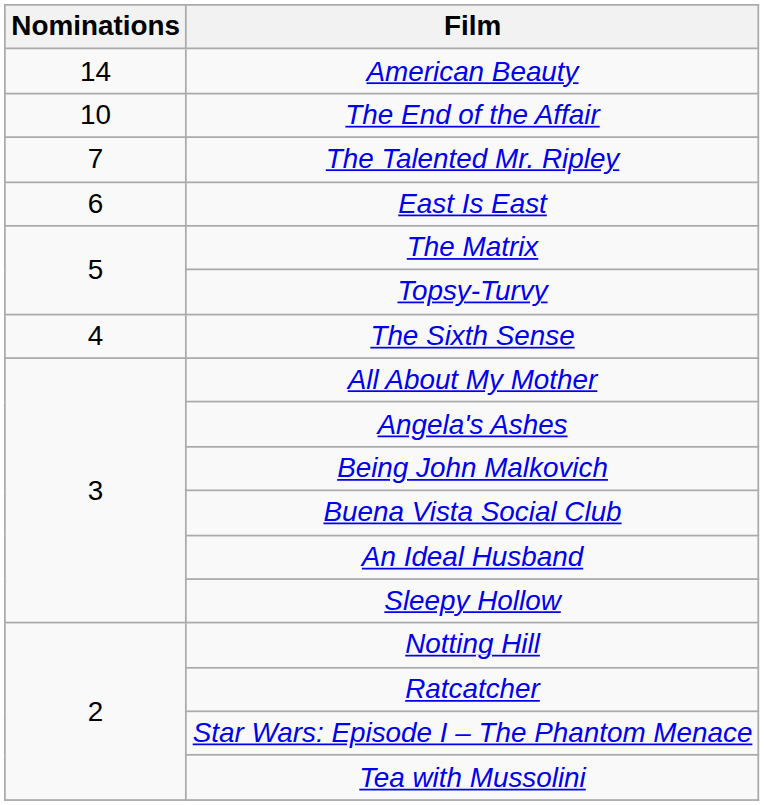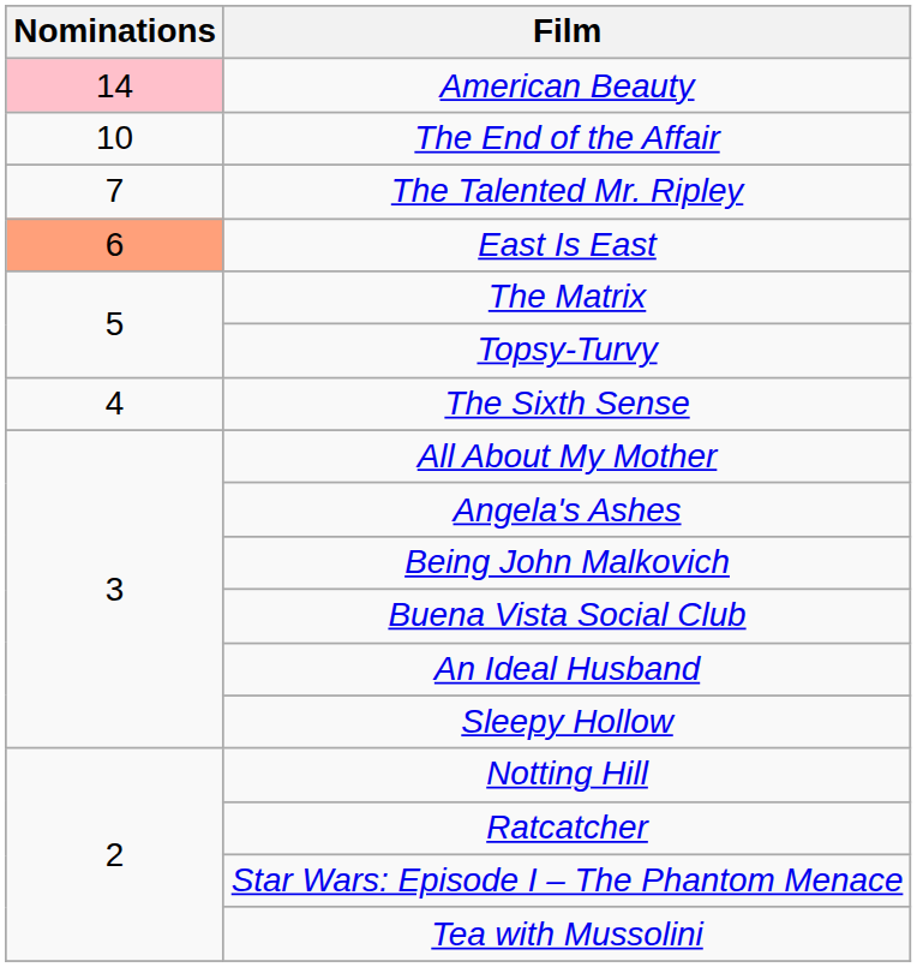 <table class="wikitable" style="text-align:center;">
 <tr>
 <th style="background:">Nominations</th>
 <th style="background:">Film</th>
 </tr>
 <tr>
-<td>14</td>
+<td style="background: pink;">14</td>
 <td><em><a href='#'>American Beauty</a></em></td>
 </tr>
 <tr>
 <td>10</td>
 <td><em><a href='#'>The End of the Affair</a></em></td>
 </tr>
 <tr>
 <td>7</td>
 <td><em><a href='#'>The Talented Mr. Ripley</a></em></td>
 </tr>
 <tr>
-<td>6</td>
+<td style="background: lightsalmon;">6</td>
 <td><em><a href='#'>East Is East</a></em></td>
 </tr>
 <tr>
 <td rowspan="2">5</td>
 <td><em><a href='#'>The Matrix</a></em></td>
 </tr>
 <tr>
 <td><em><a href='#'>Topsy-Turvy</a></em></td>
 </tr>
 <tr>
 <td>4</td>
 <td><em><a href='#'>The Sixth Sense</a></em></td>
 </tr>
 <tr>
 <td rowspan="6">3</td>
 <td><em><a href='#'>All About My Mother</a></em></td>
 </tr>
 <tr>
 <td><em><a href='#'>Angela's Ashes</a></em></td>
 </tr>
 <tr>
 <td><em><a href='#'>Being John Malkovich</a></em></td>
 </tr>
 <tr>
 <td><em><a href='#'>Buena Vista Social Club</a></em></td>
 </tr>
 <tr>
 <td><em><a href='#'>An Ideal Husband</a></em></td>
 </tr>
 <tr>
 <td><em><a href='#'>Sleepy Hollow</a></em></td>
 </tr>
 <tr>
 <td rowspan="4">2</td>
 <td><em><a href='#'>Notting Hill</a></em></td>
 </tr>
 <tr>
 <td><em><a href='#'>Ratcatcher</a></em></td>
 </tr>
 <tr>
 <td><em><a href='#'>Star Wars: Episode I – The Phantom Menace</a></em></td>
 </tr>
 <tr>
 <td><em><a href='#'>Tea with Mussolini</a></em></td>
 </tr>
 </table>
